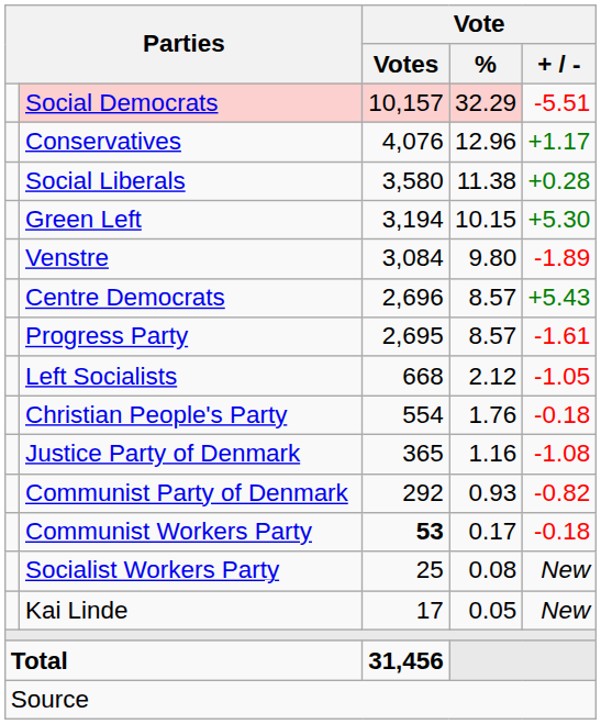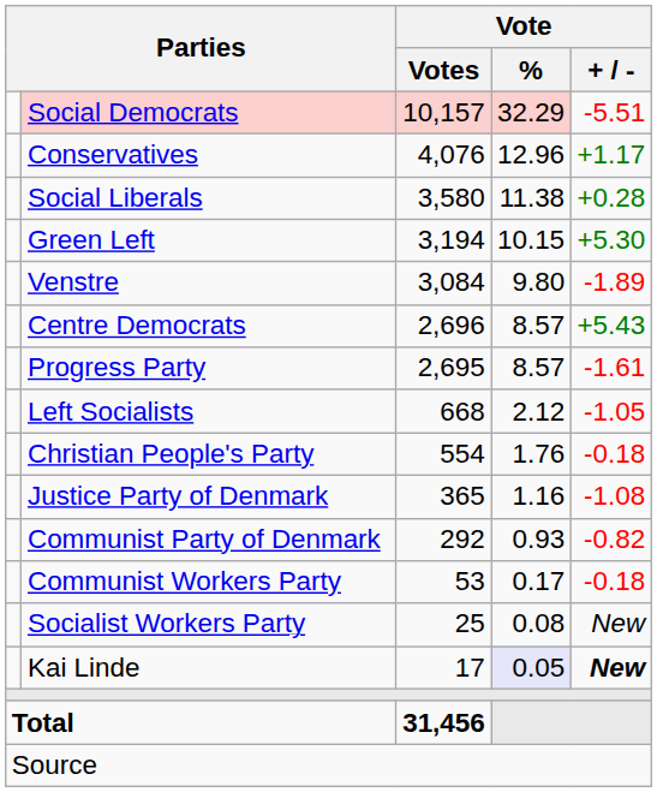 <table class="wikitable" style="text-align:right;">
 <tr>
 <th style="text-align:centre;" rowspan="2" colspan="2" width="225">Parties</th>
 <th colspan="3">Vote</th>
 </tr>
 <tr>
 <th width="15">Votes</th>
 <th width="15">%</th>
 <th width="15">+ / -</th>
 </tr>
 <tr>
 <td width="2" style="color:inherit;background:"></td>
 <td bgcolor=#fbd0ce  align="left"><a href='#'>Social Democrats</a></td>
 <td bgcolor=#fbd0ce>10,157</td>
 <td bgcolor=#fbd0ce>32.29</td>
 <td style=color:red;>-5.51</td>
 </tr>
 <tr>
 <td width="2" style="color:inherit;background:"></td>
 <td align="left"><a href='#'>Conservatives</a></td>
 <td>4,076</td>
 <td>12.96</td>
 <td style=color:green;>+1.17</td>
 </tr>
 <tr>
 <td width="2" style="color:inherit;background:"></td>
 <td align="left"><a href='#'>Social Liberals</a></td>
 <td>3,580</td>
 <td>11.38</td>
 <td style=color:green;>+0.28</td>
 </tr>
 <tr>
 <td width="2" style="color:inherit;background:"></td>
 <td align="left"><a href='#'>Green Left</a></td>
 <td>3,194</td>
 <td>10.15</td>
 <td style=color:green;>+5.30</td>
 </tr>
 <tr>
 <td width="2" style="color:inherit;background:"></td>
 <td align="left"><a href='#'>Venstre</a></td>
 <td>3,084</td>
 <td>9.80</td>
 <td style=color:red;>-1.89</td>
 </tr>
 <tr>
 <td width="2" style="color:inherit;background:"></td>
 <td align="left"><a href='#'>Centre Democrats</a></td>
 <td>2,696</td>
 <td>8.57</td>
 <td style=color:green;>+5.43</td>
 </tr>
 <tr>
 <td width="2" style="color:inherit;background:"></td>
 <td align="left"><a href='#'>Progress Party</a></td>
 <td>2,695</td>
 <td>8.57</td>
 <td style=color:red;>-1.61</td>
 </tr>
 <tr>
 <td width="2" style="color:inherit;background:"></td>
 <td align="left"><a href='#'>Left Socialists</a></td>
 <td>668</td>
 <td>2.12</td>
 <td style=color:red;>-1.05</td>
 </tr>
 <tr>
 <td width="2" style="color:inherit;background:"></td>
 <td align="left"><a href='#'>Christian People's Party</a></td>
 <td>554</td>
 <td>1.76</td>
 <td style=color:red;>-0.18</td>
 </tr>
 <tr>
 <td width="2" style="color:inherit;background:"></td>
 <td align="left"><a href='#'>Justice Party of Denmark</a></td>
 <td>365</td>
 <td>1.16</td>
 <td style=color:red;>-1.08</td>
 </tr>
 <tr>
 <td width="2" style="color:inherit;background:"></td>
 <td align="left"><a href='#'>Communist Party of Denmark</a></td>
 <td>292</td>
 <td>0.93</td>
 <td style=color:red;>-0.82</td>
 </tr>
 <tr>
 <td width="2" style="color:inherit;background:"></td>
 <td align="left"><a href='#'>Communist Workers Party</a></td>
-<td><strong>53</strong></td>
+<td>53</td>
 <td>0.17</td>
 <td style=color:red;>-0.18</td>
 </tr>
 <tr>
 <td width="2" style="color:inherit;background:"></td>
 <td align="left"><a href='#'>Socialist Workers Party</a></td>
 <td>25</td>
 <td>0.08</td>
 <td><em>New</em></td>
 </tr>
 <tr>
 <td width="2" style="color:inherit;background:"></td>
 <td align="left">Kai Linde</td>
 <td>17</td>
-<td>0.05</td>
-<td><em>New</em></td>
+<td style="background: lavender;">0.05</td>
+<td><strong><em>New</em></strong></td>
 </tr>
 <tr>
 <td colspan="7" bgcolor="#E9E9E9"></td>
 </tr>
 <tr>
 <td align="left" colspan="2"><strong>Total</strong></td>
 <td><strong>31,456</strong></td>
 <td bgcolor="#E9E9E9" colspan="2"></td>
 </tr>
 <tr>
 <td align="left" colspan="6">Source</td>
 </tr>
 </table>
